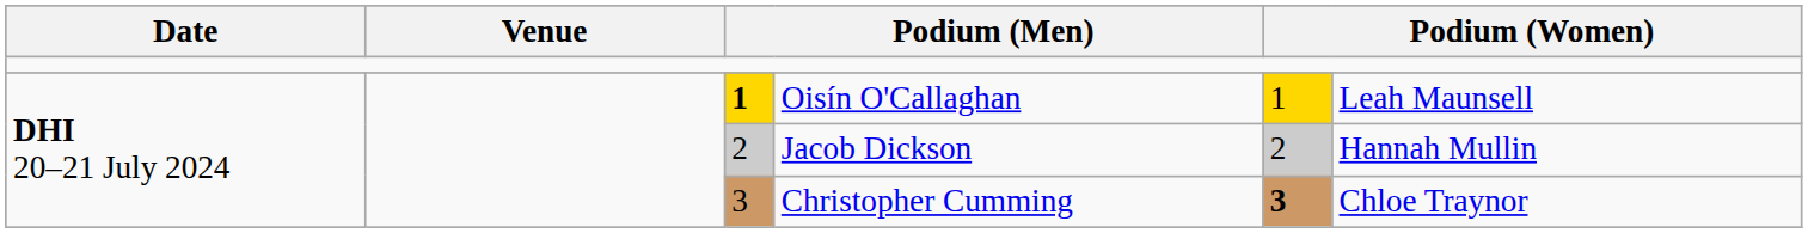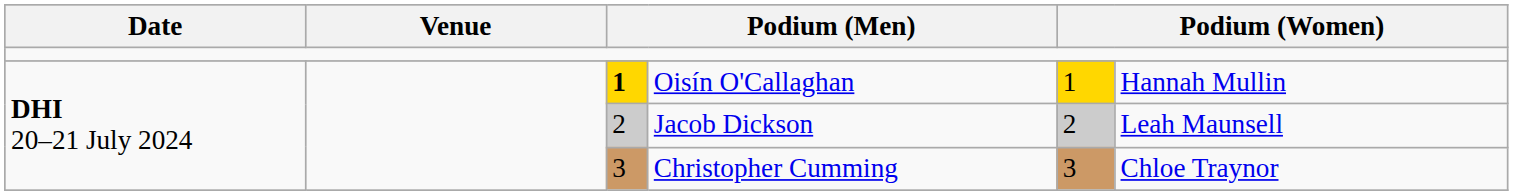 <table class="wikitable" width=70%>
 <tr>
 <th>Date</th>
 <th width=20%>Venue</th>
 <th colspan=2 width=30%>Podium (Men)</th>
 <th colspan=2 width=30%>Podium (Women)</th>
 </tr>
 <tr>
 <td colspan=6></td>
 </tr>
 <tr>
 <td rowspan=3><strong>DHI</strong> <br> 20–21 July 2024</td>
 <td rowspan=3><br></td>
 <td bgcolor=FFD700><strong>1</strong></td>
 <td><a href='#'>Oisín O'Callaghan</a></td>
 <td bgcolor=FFD700>1</td>
-<td><a href='#'>Leah Maunsell</a></td>
+<td><a href='#'>Hannah Mullin</a></td>
 </tr>
 <tr>
 <td bgcolor=CCCCCC>2</td>
 <td><a href='#'>Jacob Dickson</a></td>
 <td bgcolor=CCCCCC>2</td>
-<td><a href='#'>Hannah Mullin</a></td>
+<td><a href='#'>Leah Maunsell</a></td>
 </tr>
 <tr>
 <td bgcolor=CC9966>3</td>
 <td><a href='#'>Christopher Cumming</a></td>
-<td bgcolor=CC9966><strong>3</strong></td>
+<td bgcolor=CC9966>3</td>
 <td><a href='#'>Chloe Traynor</a></td>
 </tr>
 </table>
